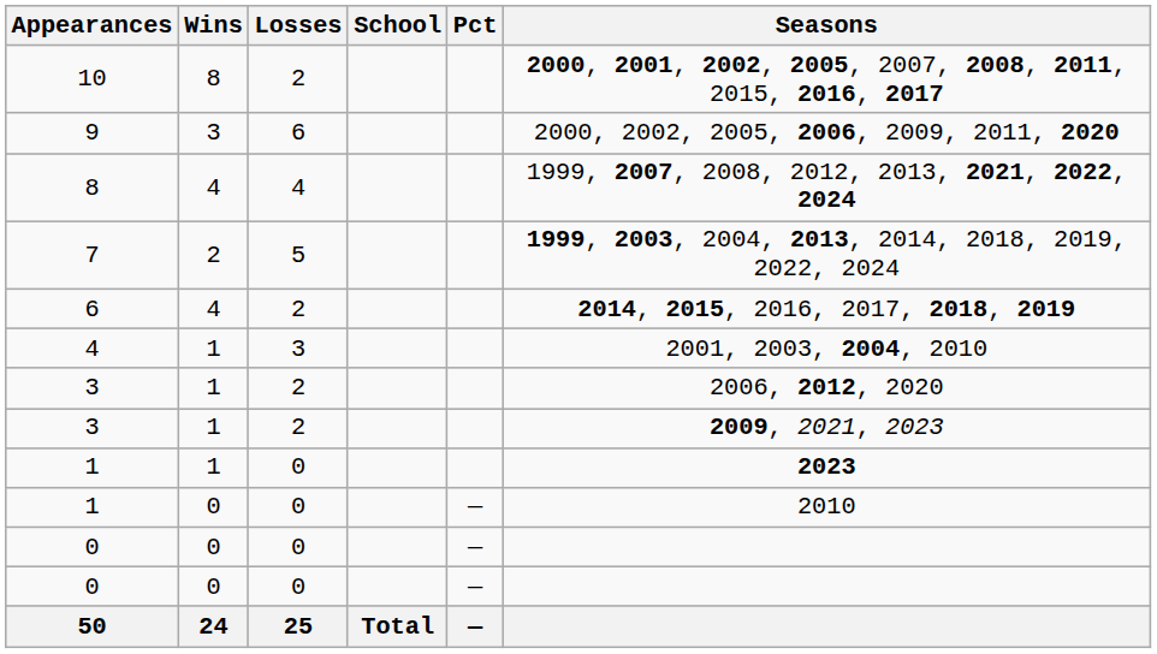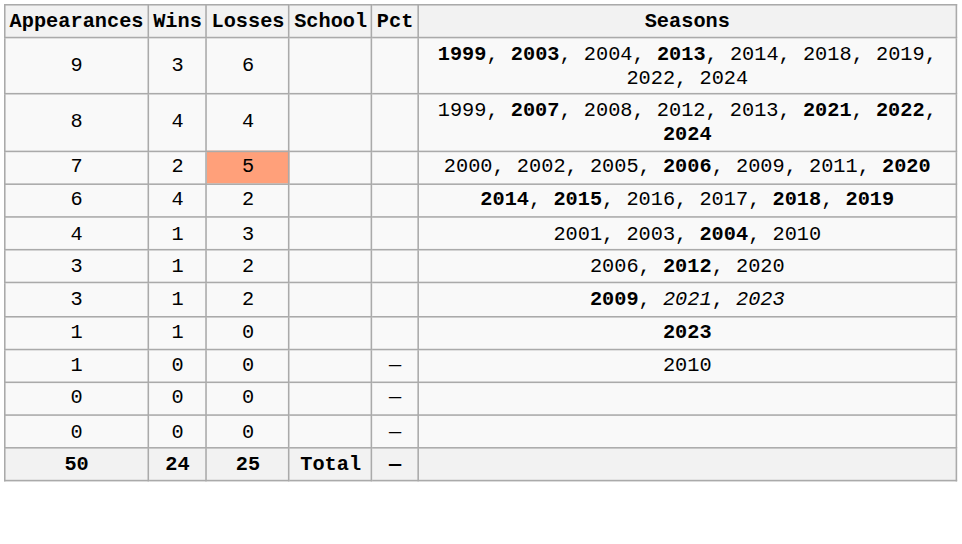 <table class="wikitable sortable" style="text-align:center;">
 <tr>
 <th>Appearances</th>
 <th>Wins</th>
 <th>Losses</th>
 <th>School</th>
 <th>Pct</th>
 <th>Seasons</th>
 </tr>
 <tr>
-<td>10</td>
-<td>8</td>
-<td>2</td>
-<td align="left"><a href='#'></a></td>
-<td></td>
-<td><strong>2000</strong>, <strong>2001</strong>, <strong>2002</strong>, <strong>2005</strong>, 2007, <strong>2008</strong>, <strong>2011</strong>, 2015, <strong>2016</strong>, <strong>2017</strong></td>
-</tr>
-<tr>
 <td>9</td>
 <td>3</td>
 <td>6</td>
 <td align="left"><a href='#'></a></td>
 <td></td>
-<td>2000, 2002, 2005, <strong>2006</strong>, 2009, 2011, <strong>2020</strong></td>
+<td><strong>1999</strong>, <strong>2003</strong>, 2004, <strong>2013</strong>, 2014, 2018, 2019, 2022, 2024</td>
 </tr>
 <tr>
 <td>8</td>
 <td>4</td>
 <td>4</td>
 <td align="left"><a href='#'></a></td>
 <td></td>
 <td>1999, <strong>2007</strong>, 2008, 2012, 2013, <strong>2021</strong>, <strong>2022</strong>, <strong>2024</strong></td>
 </tr>
 <tr>
 <td>7</td>
 <td>2</td>
-<td>5</td>
+<td style="background: lightsalmon;">5</td>
 <td align="left"><a href='#'></a></td>
 <td></td>
-<td><strong>1999</strong>, <strong>2003</strong>, 2004, <strong>2013</strong>, 2014, 2018, 2019, 2022, 2024</td>
+<td>2000, 2002, 2005, <strong>2006</strong>, 2009, 2011, <strong>2020</strong></td>
 </tr>
 <tr>
 <td>6</td>
 <td>4</td>
 <td>2</td>
 <td align="left"><a href='#'></a></td>
 <td></td>
 <td><strong>2014</strong>, <strong>2015</strong>, 2016, 2017, <strong>2018</strong>, <strong>2019</strong></td>
 </tr>
 <tr>
 <td>4</td>
 <td>1</td>
 <td>3</td>
 <td align="left"><a href='#'></a></td>
 <td></td>
 <td>2001, 2003, <strong>2004</strong>, 2010</td>
 </tr>
 <tr>
 <td>3</td>
 <td>1</td>
 <td>2</td>
 <td align="left"><a href='#'></a></td>
 <td></td>
 <td>2006, <strong>2012</strong>, 2020</td>
 </tr>
 <tr>
 <td>3</td>
 <td>1</td>
 <td>2</td>
 <td align="left"><a href='#'></a></td>
 <td></td>
 <td><strong>2009</strong>, <em>2021</em>, <em>2023</em></td>
 </tr>
 <tr>
 <td>1</td>
 <td>1</td>
 <td>0</td>
 <td align="left"><a href='#'></a></td>
 <td></td>
 <td><strong>2023</strong></td>
 </tr>
 <tr>
 <td>1</td>
 <td>0</td>
 <td>0</td>
 <td align="left"><a href='#'></a></td>
 <td>—</td>
 <td>2010</td>
 </tr>
 <tr>
 <td>0</td>
 <td>0</td>
 <td>0</td>
 <td align="left"><a href='#'></a></td>
 <td>—</td>
 <td> </td>
 </tr>
 <tr>
 <td>0</td>
 <td>0</td>
 <td>0</td>
 <td align="left"><a href='#'></a></td>
 <td>—</td>
 <td> </td>
 </tr>
 <tr>
 <th>50</th>
 <th>24</th>
 <th>25</th>
 <th>Total</th>
 <th>—</th>
 <th> </th>
 </tr>
 </table>
